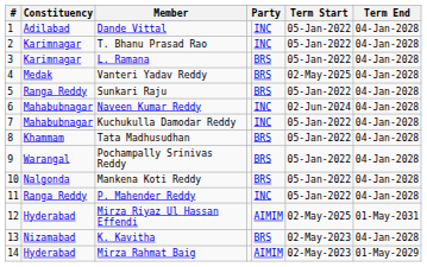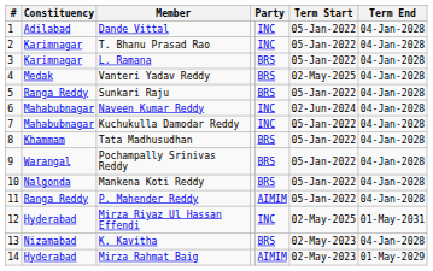 <table class="wikitable sortable">
 <tr>
 <th>#</th>
 <th>Constituency</th>
 <th style="width:200px">Member</th>
 <th colspan="2">Party</th>
 <th>Term Start</th>
 <th>Term End</th>
 </tr>
 <tr>
 <td>1</td>
 <td><a href='#'>Adilabad</a></td>
 <td><a href='#'>Dande Vittal</a></td>
 <td></td>
 <td><a href='#'>INC</a></td>
 <td>05-Jan-2022</td>
 <td>04-Jan-2028</td>
 </tr>
 <tr>
 <td>2</td>
 <td><a href='#'>Karimnagar</a></td>
 <td>T. Bhanu Prasad Rao</td>
 <td></td>
 <td><a href='#'>INC</a></td>
 <td>05-Jan-2022</td>
 <td>04-Jan-2028</td>
 </tr>
 <tr>
 <td>3</td>
 <td><a href='#'>Karimnagar</a></td>
 <td><a href='#'>L. Ramana</a></td>
 <td></td>
 <td><a href='#'>BRS</a></td>
 <td>05-Jan-2022</td>
 <td>04-Jan-2028</td>
 </tr>
 <tr>
 <td>4</td>
 <td><a href='#'>Medak</a></td>
 <td>Vanteri Yadav Reddy</td>
 <td></td>
 <td><a href='#'>BRS</a></td>
 <td>02-May-2025</td>
 <td>04-Jan-2028</td>
 </tr>
 <tr>
 <td>5</td>
 <td><a href='#'>Ranga Reddy</a></td>
 <td>Sunkari Raju</td>
 <td></td>
 <td><a href='#'>BRS</a></td>
 <td>05-Jan-2022</td>
 <td>04-Jan-2028</td>
 </tr>
 <tr>
 <td>6</td>
 <td><a href='#'>Mahabubnagar</a></td>
 <td><a href='#'>Naveen Kumar Reddy</a></td>
 <td></td>
 <td><a href='#'>INC</a></td>
 <td>02-Jun-2024</td>
 <td>04-Jan-2028</td>
 </tr>
 <tr>
 <td>7</td>
 <td><a href='#'>Mahabubnagar</a></td>
 <td>Kuchukulla Damodar Reddy</td>
 <td></td>
 <td><a href='#'>INC</a></td>
 <td>05-Jan-2022</td>
 <td>04-Jan-2028</td>
 </tr>
 <tr>
 <td>8</td>
 <td><a href='#'>Khammam</a></td>
 <td>Tata Madhusudhan</td>
 <td></td>
 <td><a href='#'>BRS</a></td>
 <td>05-Jan-2022</td>
 <td>04-Jan-2028</td>
 </tr>
 <tr>
 <td>9</td>
 <td><a href='#'>Warangal</a></td>
 <td>Pochampally Srinivas Reddy</td>
 <td></td>
 <td><a href='#'>BRS</a></td>
 <td>05-Jan-2022</td>
 <td>04-Jan-2028</td>
 </tr>
 <tr>
 <td>10</td>
 <td><a href='#'>Nalgonda</a></td>
 <td>Mankena Koti Reddy</td>
 <td></td>
 <td><a href='#'>BRS</a></td>
 <td>05-Jan-2022</td>
 <td>04-Jan-2028</td>
 </tr>
 <tr>
 <td>11</td>
 <td><a href='#'>Ranga Reddy</a></td>
 <td><a href='#'>P. Mahender Reddy</a></td>
 <td></td>
-<td><a href='#'>INC</a></td>
+<td><a href='#'>AIMIM</a></td>
 <td>05-Jan-2022</td>
 <td>04-Jan-2028</td>
 </tr>
 <tr>
 <td>12</td>
 <td><a href='#'>Hyderabad</a></td>
 <td><a href='#'>Mirza Riyaz Ul Hassan Effendi</a></td>
 <td></td>
-<td><a href='#'>AIMIM</a></td>
+<td><a href='#'>INC</a></td>
 <td>02-May-2025</td>
 <td>01-May-2031</td>
 </tr>
 <tr>
 <td>13</td>
 <td><a href='#'>Nizamabad</a></td>
 <td><a href='#'>K. Kavitha</a></td>
 <td></td>
 <td><a href='#'>BRS</a></td>
 <td>02-May-2023</td>
 <td>04-Jan-2028</td>
 </tr>
 <tr>
 <td>14</td>
 <td><a href='#'>Hyderabad</a></td>
 <td><a href='#'>Mirza Rahmat Baig</a></td>
 <td></td>
 <td><a href='#'>AIMIM</a></td>
 <td>02-May-2023</td>
 <td>01-May-2029</td>
 </tr>
 </table>
